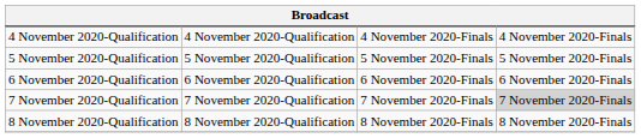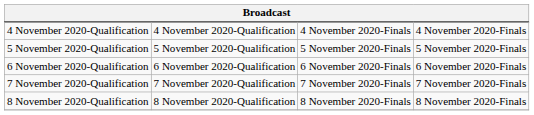 <table class=wikitable style="text-align:center;">
 <tr>
 <th colspan=4>Broadcast</th>
 </tr>
 <tr style="border-top: 2px solid #333333;">
 </tr>
 <tr>
 <td>4 November 2020-Qualification </td>
 <td>4 November 2020-Qualification </td>
 <td>4 November 2020-Finals </td>
 <td>4 November 2020-Finals </td>
 </tr>
 <tr>
 <td>5 November 2020-Qualification </td>
 <td>5 November 2020-Qualification </td>
 <td>5 November 2020-Finals </td>
 <td>5 November 2020-Finals </td>
 </tr>
 <tr>
 <td>6 November 2020-Qualification </td>
 <td>6 November 2020-Qualification </td>
 <td>6 November 2020-Finals </td>
 <td>6 November 2020-Finals </td>
 </tr>
 <tr>
 <td>7 November 2020-Qualification </td>
 <td>7 November 2020-Qualification </td>
 <td>7 November 2020-Finals </td>
-<td style="background: lightgrey;">7 November 2020-Finals </td>
+<td>7 November 2020-Finals </td>
 </tr>
 <tr>
 <td>8 November 2020-Qualification </td>
 <td>8 November 2020-Qualification </td>
 <td>8 November 2020-Finals </td>
 <td>8 November 2020-Finals </td>
 </tr>
 <tr>
 </tr>
 </table>
